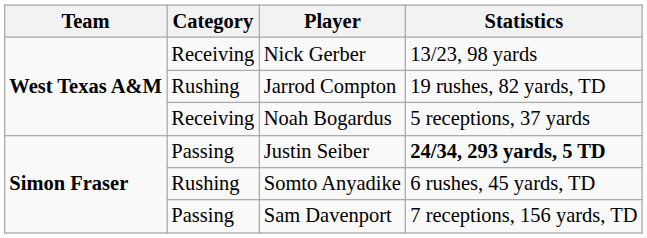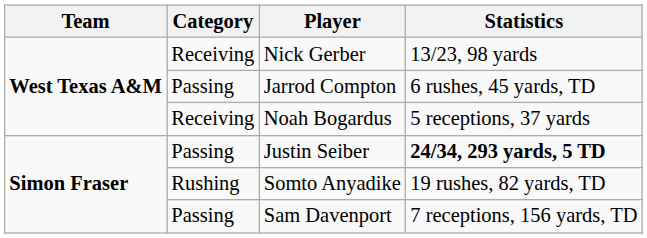 <table class="wikitable" style="float: left;">
 <tr>
 <th>Team</th>
 <th>Category</th>
 <th>Player</th>
 <th>Statistics</th>
 </tr>
 <tr>
 <td rowspan=3><strong>West Texas A&M</strong></td>
 <td>Receiving</td>
 <td>Nick Gerber</td>
 <td>13/23, 98 yards</td>
 </tr>
 <tr>
-<td>Rushing</td>
+<td>Passing</td>
 <td>Jarrod Compton</td>
-<td>19 rushes, 82 yards, TD</td>
+<td>6 rushes, 45 yards, TD</td>
 </tr>
 <tr>
 <td>Receiving</td>
 <td>Noah Bogardus</td>
 <td>5 receptions, 37 yards</td>
 </tr>
 <tr>
 <td rowspan=3><strong>Simon Fraser</strong></td>
 <td>Passing</td>
 <td>Justin Seiber</td>
 <td><strong>24/34, 293 yards, 5 TD</strong></td>
 </tr>
 <tr>
 <td>Rushing</td>
 <td>Somto Anyadike</td>
-<td>6 rushes, 45 yards, TD</td>
+<td>19 rushes, 82 yards, TD</td>
 </tr>
 <tr>
 <td>Passing</td>
 <td>Sam Davenport</td>
 <td>7 receptions, 156 yards, TD</td>
 </tr>
 </table>
